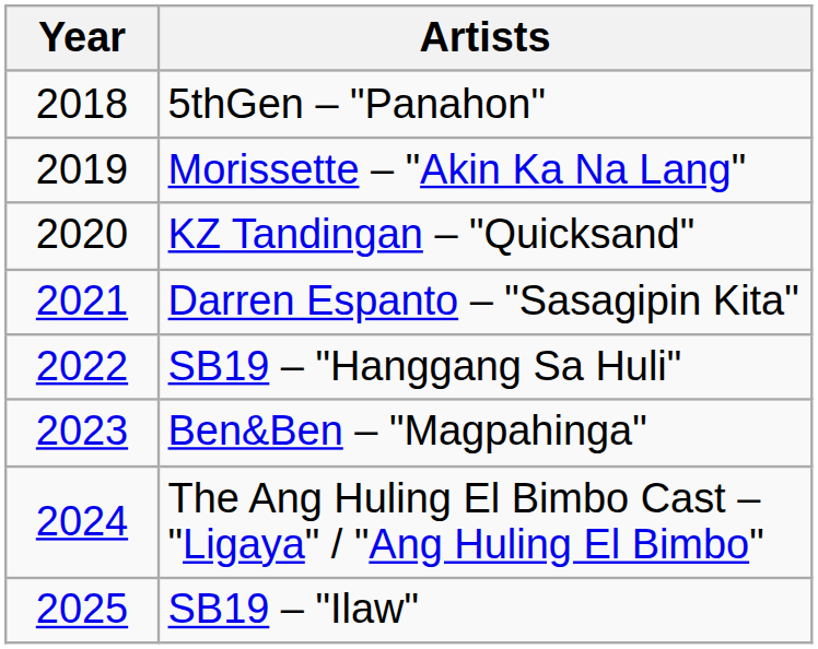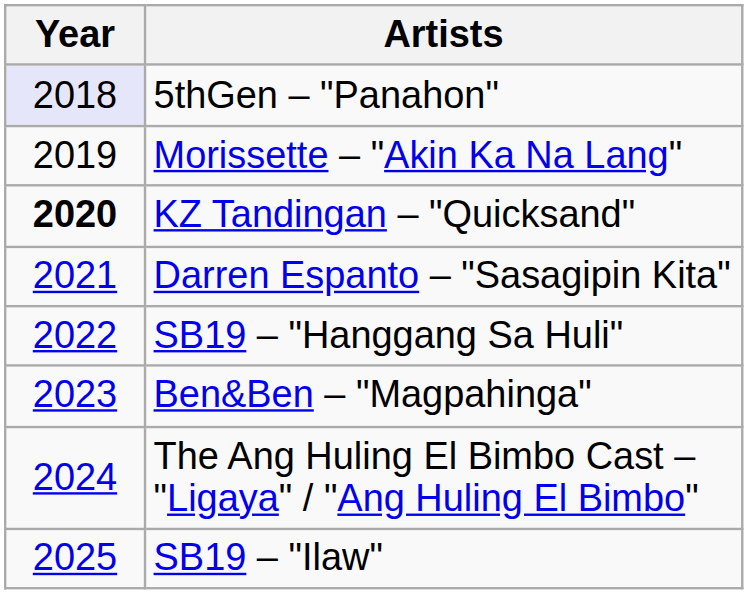 <table class="wikitable sortable"  style="width:50%;">
 <tr>
 <th width=5%  scope="col">Year</th>
 <th ! width=40%  scope="col">Artists</th>
 </tr>
 <tr>
-<td align="center">2018</td>
+<td align="center" style="background: lavender;">2018</td>
 <td>5thGen – "Panahon"</td>
 </tr>
 <tr>
 <td align="center">2019</td>
 <td><a href='#'>Morissette</a> – "<a href='#'>Akin Ka Na Lang</a>"</td>
 </tr>
 <tr>
-<td align="center">2020</td>
+<td align="center"><strong>2020</strong></td>
 <td><a href='#'>KZ Tandingan</a> – "Quicksand"</td>
 </tr>
 <tr>
 <td align="center"><a href='#'>2021</a></td>
 <td><a href='#'>Darren Espanto</a> – "Sasagipin Kita"</td>
 </tr>
 <tr>
 <td align="center"><a href='#'>2022</a></td>
 <td><a href='#'>SB19</a> – "Hanggang Sa Huli"</td>
 </tr>
 <tr>
 <td align="center"><a href='#'>2023</a></td>
 <td><a href='#'>Ben&Ben</a> – "Magpahinga"</td>
 </tr>
 <tr>
 <td align="center"><a href='#'>2024</a></td>
 <td>The Ang Huling El Bimbo Cast – "<a href='#'>Ligaya</a>" / "<a href='#'>Ang Huling El Bimbo</a>"</td>
 </tr>
 <tr>
 <td align="center"><a href='#'>2025</a></td>
 <td><a href='#'>SB19</a> – "Ilaw"</td>
 </tr>
 </table>
